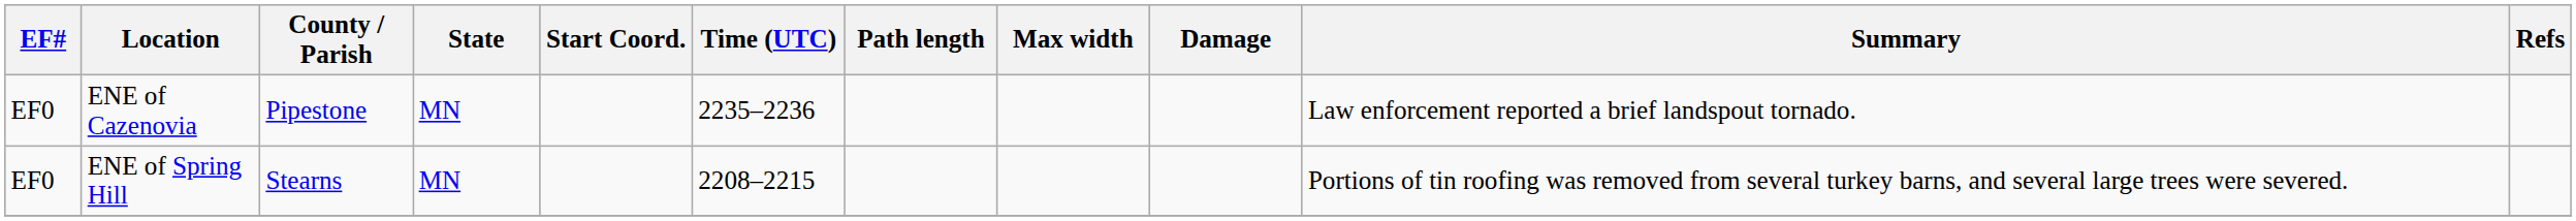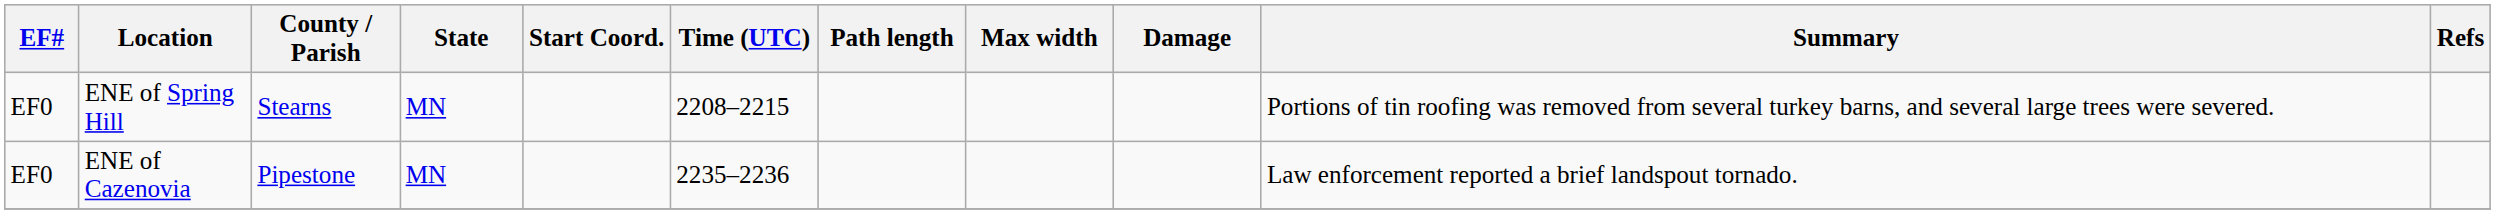 <table class="wikitable sortable" style="width:100%;">
 <tr>
 <th scope="col" width="3%" align="center"><a href='#'>EF#</a></th>
 <th scope="col" width="7%" align="center" class="unsortable">Location</th>
 <th scope="col" width="6%" align="center" class="unsortable">County / Parish</th>
 <th scope="col" width="5%" align="center">State</th>
 <th scope="col" width="6%" align="center">Start Coord.</th>
 <th scope="col" width="6%" align="center">Time (<a href='#'>UTC</a>)</th>
 <th scope="col" width="6%" align="center">Path length</th>
 <th scope="col" width="6%" align="center">Max width</th>
 <th scope="col" width="6%" align="center">Damage</th>
 <th scope="col" width="48%" class="unsortable" align="center">Summary</th>
 <th scope="col" width="48%" class="unsortable" align="center">Refs</th>
 </tr>
 <tr>
 <td>EF0</td>
+<td>ENE of <a href='#'>Spring Hill</a></td>
+<td><a href='#'>Stearns</a></td>
+<td><a href='#'>MN</a></td>
+<td></td>
+<td>2208–2215</td>
+<td></td>
+<td></td>
+<td></td>
+<td>Portions of tin roofing was removed from several turkey barns, and several large trees were severed.</td>
+<td></td>
+</tr>
+<tr>
+<td>EF0</td>
 <td>ENE of <a href='#'>Cazenovia</a></td>
 <td><a href='#'>Pipestone</a></td>
 <td><a href='#'>MN</a></td>
 <td></td>
 <td>2235–2236</td>
 <td></td>
 <td></td>
 <td></td>
 <td>Law enforcement reported a brief landspout tornado.</td>
 <td></td>
 </tr>
 <tr>
-<td>EF0</td>
-<td>ENE of <a href='#'>Spring Hill</a></td>
-<td><a href='#'>Stearns</a></td>
-<td><a href='#'>MN</a></td>
-<td></td>
-<td>2208–2215</td>
-<td></td>
-<td></td>
-<td></td>
-<td>Portions of tin roofing was removed from several turkey barns, and several large trees were severed.</td>
-<td></td>
-</tr>
-<tr>
 </tr>
 </table>
